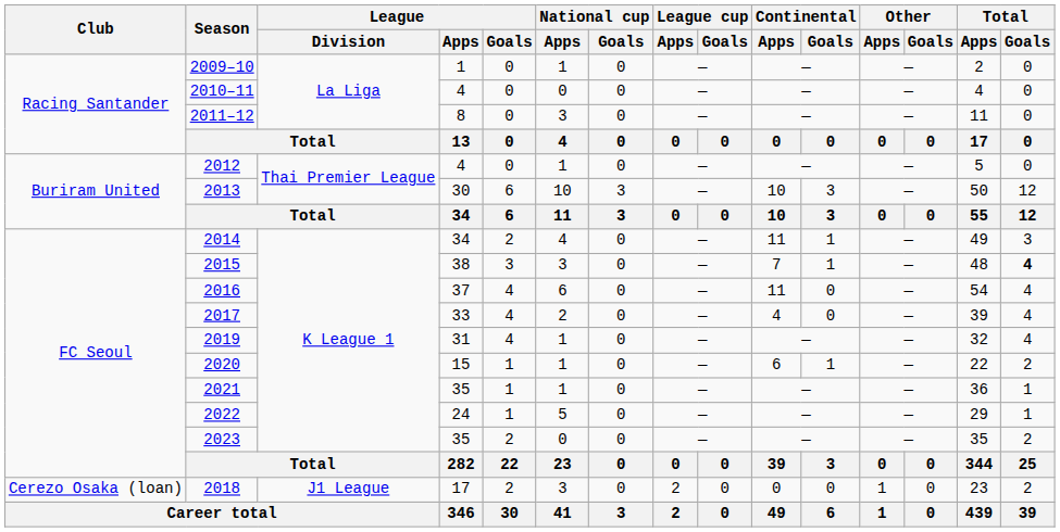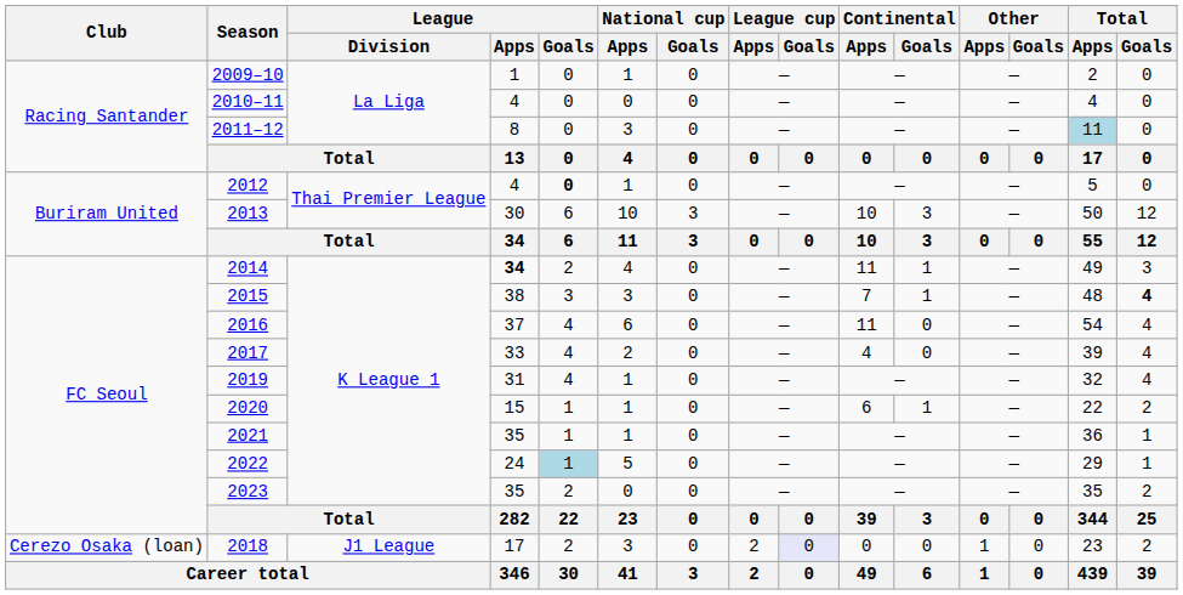 <table class="wikitable" style="text-align:center">
 <tr>
 <th rowspan="2">Club</th>
 <th rowspan="2">Season</th>
 <th colspan="3">League</th>
 <th colspan="2">National cup</th>
 <th colspan="2">League cup</th>
 <th colspan="2">Continental</th>
 <th colspan="2">Other</th>
 <th colspan="2">Total</th>
 </tr>
 <tr>
 <th>Division</th>
 <th>Apps</th>
 <th>Goals</th>
 <th>Apps</th>
 <th>Goals</th>
 <th>Apps</th>
 <th>Goals</th>
 <th>Apps</th>
 <th>Goals</th>
 <th>Apps</th>
 <th>Goals</th>
 <th>Apps</th>
 <th>Goals</th>
 </tr>
 <tr>
 <td rowspan="4"><a href='#'>Racing Santander</a></td>
 <td><a href='#'>2009–10</a></td>
 <td rowspan="3"><a href='#'>La Liga</a></td>
 <td>1</td>
 <td>0</td>
 <td>1</td>
 <td>0</td>
 <td colspan="2">—</td>
 <td colspan="2">—</td>
 <td colspan="2">—</td>
 <td>2</td>
 <td>0</td>
 </tr>
 <tr>
 <td><a href='#'>2010–11</a></td>
 <td>4</td>
 <td>0</td>
 <td>0</td>
 <td>0</td>
 <td colspan="2">—</td>
 <td colspan="2">—</td>
 <td colspan="2">—</td>
 <td>4</td>
 <td>0</td>
 </tr>
 <tr>
 <td><a href='#'>2011–12</a></td>
 <td>8</td>
 <td>0</td>
 <td>3</td>
 <td>0</td>
 <td colspan="2">—</td>
 <td colspan="2">—</td>
 <td colspan="2">—</td>
-<td>11</td>
+<td style="background: lightblue;">11</td>
 <td>0</td>
 </tr>
 <tr>
 <th colspan="2">Total</th>
 <th>13</th>
 <th>0</th>
 <th>4</th>
 <th>0</th>
 <th>0</th>
 <th>0</th>
 <th>0</th>
 <th>0</th>
 <th>0</th>
 <th>0</th>
 <th>17</th>
 <th>0</th>
 </tr>
 <tr>
 <td rowspan="3"><a href='#'>Buriram United</a></td>
 <td><a href='#'>2012</a></td>
 <td rowspan="2"><a href='#'>Thai Premier League</a></td>
 <td>4</td>
-<td>0</td>
+<td><strong>0</strong></td>
 <td>1</td>
 <td>0</td>
 <td colspan="2">—</td>
 <td colspan="2">—</td>
 <td colspan="2">—</td>
 <td>5</td>
 <td>0</td>
 </tr>
 <tr>
 <td><a href='#'>2013</a></td>
 <td>30</td>
 <td>6</td>
 <td>10</td>
 <td>3</td>
 <td colspan="2">—</td>
 <td>10</td>
 <td>3</td>
 <td colspan="2">—</td>
 <td>50</td>
 <td>12</td>
 </tr>
 <tr>
 <th colspan="2">Total</th>
 <th>34</th>
 <th>6</th>
 <th>11</th>
 <th>3</th>
 <th>0</th>
 <th>0</th>
 <th>10</th>
 <th>3</th>
 <th>0</th>
 <th>0</th>
 <th>55</th>
 <th>12</th>
 </tr>
 <tr>
 <td rowspan="10"><a href='#'>FC Seoul</a></td>
 <td><a href='#'>2014</a></td>
 <td rowspan="9"><a href='#'>K League 1</a></td>
-<td>34</td>
+<td><strong>34</strong></td>
 <td>2</td>
 <td>4</td>
 <td>0</td>
 <td colspan="2">—</td>
 <td>11</td>
 <td>1</td>
 <td colspan="2">—</td>
 <td>49</td>
 <td>3</td>
 </tr>
 <tr>
 <td><a href='#'>2015</a></td>
 <td>38</td>
 <td>3</td>
 <td>3</td>
 <td>0</td>
 <td colspan="2">—</td>
 <td>7</td>
 <td>1</td>
 <td colspan="2">—</td>
 <td>48</td>
 <td><strong>4</strong></td>
 </tr>
 <tr>
 <td><a href='#'>2016</a></td>
 <td>37</td>
 <td>4</td>
 <td>6</td>
 <td>0</td>
 <td colspan="2">—</td>
 <td>11</td>
 <td>0</td>
 <td colspan="2">—</td>
 <td>54</td>
 <td>4</td>
 </tr>
 <tr>
 <td><a href='#'>2017</a></td>
 <td>33</td>
 <td>4</td>
 <td>2</td>
 <td>0</td>
 <td colspan="2">—</td>
 <td>4</td>
 <td>0</td>
 <td colspan="2">—</td>
 <td>39</td>
 <td>4</td>
 </tr>
 <tr>
 <td><a href='#'>2019</a></td>
 <td>31</td>
 <td>4</td>
 <td>1</td>
 <td>0</td>
 <td colspan="2">—</td>
 <td colspan="2">—</td>
 <td colspan="2">—</td>
 <td>32</td>
 <td>4</td>
 </tr>
 <tr>
 <td><a href='#'>2020</a></td>
 <td>15</td>
 <td>1</td>
 <td>1</td>
 <td>0</td>
 <td colspan="2">—</td>
 <td>6</td>
 <td>1</td>
 <td colspan="2">—</td>
 <td>22</td>
 <td>2</td>
 </tr>
 <tr>
 <td><a href='#'>2021</a></td>
 <td>35</td>
 <td>1</td>
 <td>1</td>
 <td>0</td>
 <td colspan="2">—</td>
 <td colspan="2">—</td>
 <td colspan="2">—</td>
 <td>36</td>
 <td>1</td>
 </tr>
 <tr>
 <td><a href='#'>2022</a></td>
 <td>24</td>
-<td>1</td>
+<td style="background: lightblue;">1</td>
 <td>5</td>
 <td>0</td>
 <td colspan="2">—</td>
 <td colspan="2">—</td>
 <td colspan="2">—</td>
 <td>29</td>
 <td>1</td>
 </tr>
 <tr>
 <td><a href='#'>2023</a></td>
 <td>35</td>
 <td>2</td>
 <td>0</td>
 <td>0</td>
 <td colspan="2">—</td>
 <td colspan="2">—</td>
 <td colspan="2">—</td>
 <td>35</td>
 <td>2</td>
 </tr>
 <tr>
 <th colspan="2">Total</th>
 <th>282</th>
 <th>22</th>
 <th>23</th>
 <th>0</th>
 <th>0</th>
 <th>0</th>
 <th>39</th>
 <th>3</th>
 <th>0</th>
 <th>0</th>
 <th>344</th>
 <th>25</th>
 </tr>
 <tr>
 <td><a href='#'>Cerezo Osaka</a> (loan)</td>
 <td><a href='#'>2018</a></td>
 <td><a href='#'>J1 League</a></td>
 <td>17</td>
 <td>2</td>
 <td>3</td>
 <td>0</td>
 <td>2</td>
-<td>0</td>
+<td style="background: lavender;">0</td>
 <td>0</td>
 <td>0</td>
 <td>1</td>
 <td>0</td>
 <td>23</td>
 <td>2</td>
 </tr>
 <tr>
 <th colspan="3">Career total</th>
 <th>346</th>
 <th>30</th>
 <th>41</th>
 <th>3</th>
 <th>2</th>
 <th>0</th>
 <th>49</th>
 <th>6</th>
 <th>1</th>
 <th>0</th>
 <th>439</th>
 <th>39</th>
 </tr>
 </table>
